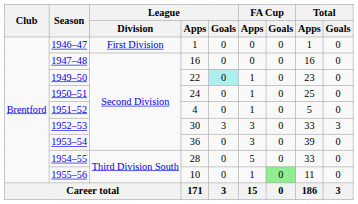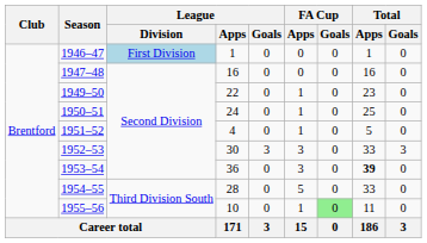 <table class="wikitable" style="text-align: center;">
 <tr>
 <th rowspan="2">Club</th>
 <th rowspan="2">Season</th>
 <th colspan="3">League</th>
 <th colspan="2">FA Cup</th>
 <th colspan="2">Total</th>
 </tr>
 <tr>
 <th>Division</th>
 <th>Apps</th>
 <th>Goals</th>
 <th>Apps</th>
 <th>Goals</th>
 <th>Apps</th>
 <th>Goals</th>
 </tr>
 <tr>
 <td rowspan="9"><a href='#'>Brentford</a></td>
 <td><a href='#'>1946–47</a></td>
-<td><a href='#'>First Division</a></td>
+<td style="background: lightblue;"><a href='#'>First Division</a></td>
 <td>1</td>
 <td>0</td>
 <td>0</td>
 <td>0</td>
 <td>1</td>
 <td>0</td>
 </tr>
 <tr>
 <td><a href='#'>1947–48</a></td>
 <td rowspan="6"><a href='#'>Second Division</a></td>
 <td>16</td>
 <td>0</td>
 <td>0</td>
 <td>0</td>
 <td>16</td>
 <td>0</td>
 </tr>
 <tr>
 <td><a href='#'>1949–50</a></td>
 <td>22</td>
-<td style="background: paleturquoise;">0</td>
+<td>0</td>
 <td>1</td>
 <td>0</td>
 <td>23</td>
 <td>0</td>
 </tr>
 <tr>
 <td><a href='#'>1950–51</a></td>
 <td>24</td>
 <td>0</td>
 <td>1</td>
 <td>0</td>
 <td>25</td>
 <td>0</td>
 </tr>
 <tr>
 <td><a href='#'>1951–52</a></td>
 <td>4</td>
 <td>0</td>
 <td>1</td>
 <td>0</td>
 <td>5</td>
 <td>0</td>
 </tr>
 <tr>
 <td><a href='#'>1952–53</a></td>
 <td>30</td>
 <td>3</td>
 <td>3</td>
 <td>0</td>
 <td>33</td>
 <td>3</td>
 </tr>
 <tr>
 <td><a href='#'>1953–54</a></td>
 <td>36</td>
 <td>0</td>
 <td>3</td>
 <td>0</td>
-<td>39</td>
+<td><strong>39</strong></td>
 <td>0</td>
 </tr>
 <tr>
 <td><a href='#'>1954–55</a></td>
 <td rowspan="2"><a href='#'>Third Division South</a></td>
 <td>28</td>
 <td>0</td>
 <td>5</td>
 <td>0</td>
 <td>33</td>
 <td>0</td>
 </tr>
 <tr>
 <td><a href='#'>1955–56</a></td>
 <td>10</td>
 <td>0</td>
 <td>1</td>
 <td style="background: lightgreen;">0</td>
 <td>11</td>
 <td>0</td>
 </tr>
 <tr>
 <th colspan="3">Career total</th>
 <th>171</th>
 <th>3</th>
 <th>15</th>
 <th>0</th>
 <th>186</th>
 <th>3</th>
 </tr>
 </table>
